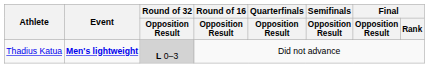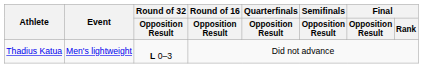 <table class="wikitable" style="font-size:90%">
 <tr>
 <th rowspan=2>Athlete</th>
 <th rowspan=2>Event</th>
 <th>Round of 32</th>
 <th>Round of 16</th>
 <th>Quarterfinals</th>
 <th>Semifinals</th>
 <th colspan=2>Final</th>
 </tr>
 <tr style="font-size:95%">
 <th>Opposition<br>Result</th>
 <th>Opposition<br>Result</th>
 <th>Opposition<br>Result</th>
 <th>Opposition<br>Result</th>
 <th>Opposition<br>Result</th>
 <th>Rank</th>
 </tr>
 <tr align=center>
 <td align=left><a href='#'>Thadius Katua</a></td>
-<td align=left><strong><a href='#'>Men's lightweight</a></strong></td>
-<td style="background: lightgrey;"><br><strong>L</strong> 0–3</td>
+<td align=left><a href='#'>Men's lightweight</a></td>
+<td><br><strong>L</strong> 0–3</td>
 <td colspan=5>Did not advance</td>
 </tr>
 </table>
